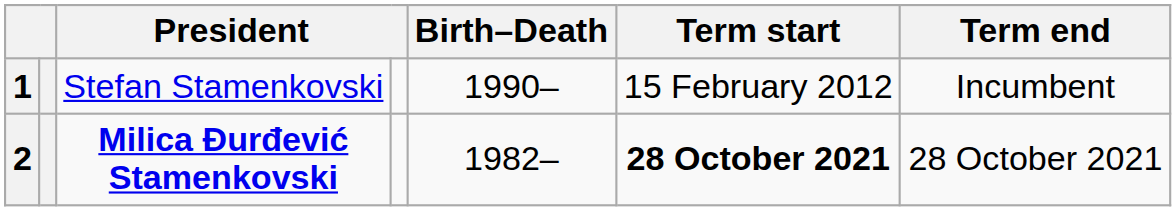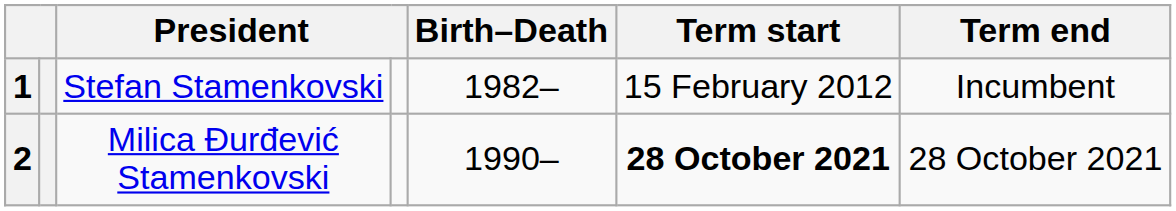 <table class="wikitable" style="text-align:center">
 <tr>
 <th colspan="2"></th>
 <th colspan="2">President</th>
 <th>Birth–Death</th>
 <th>Term start</th>
 <th>Term end</th>
 </tr>
 <tr>
 <th>1</th>
 <th style="background:"></th>
 <td><a href='#'>Stefan Stamenkovski</a></td>
 <td></td>
-<td>1990–</td>
+<td>1982–</td>
 <td>15 February 2012</td>
 <td>Incumbent</td>
 </tr>
 <tr>
 <th>2</th>
 <th style="background:"></th>
-<td><strong><a href='#'>Milica Đurđević<br>Stamenkovski</a></strong></td>
+<td><a href='#'>Milica Đurđević<br>Stamenkovski</a></td>
 <td></td>
-<td>1982–</td>
+<td>1990–</td>
 <td><strong>28 October 2021</strong></td>
 <td>28 October 2021</td>
 </tr>
 </table>
